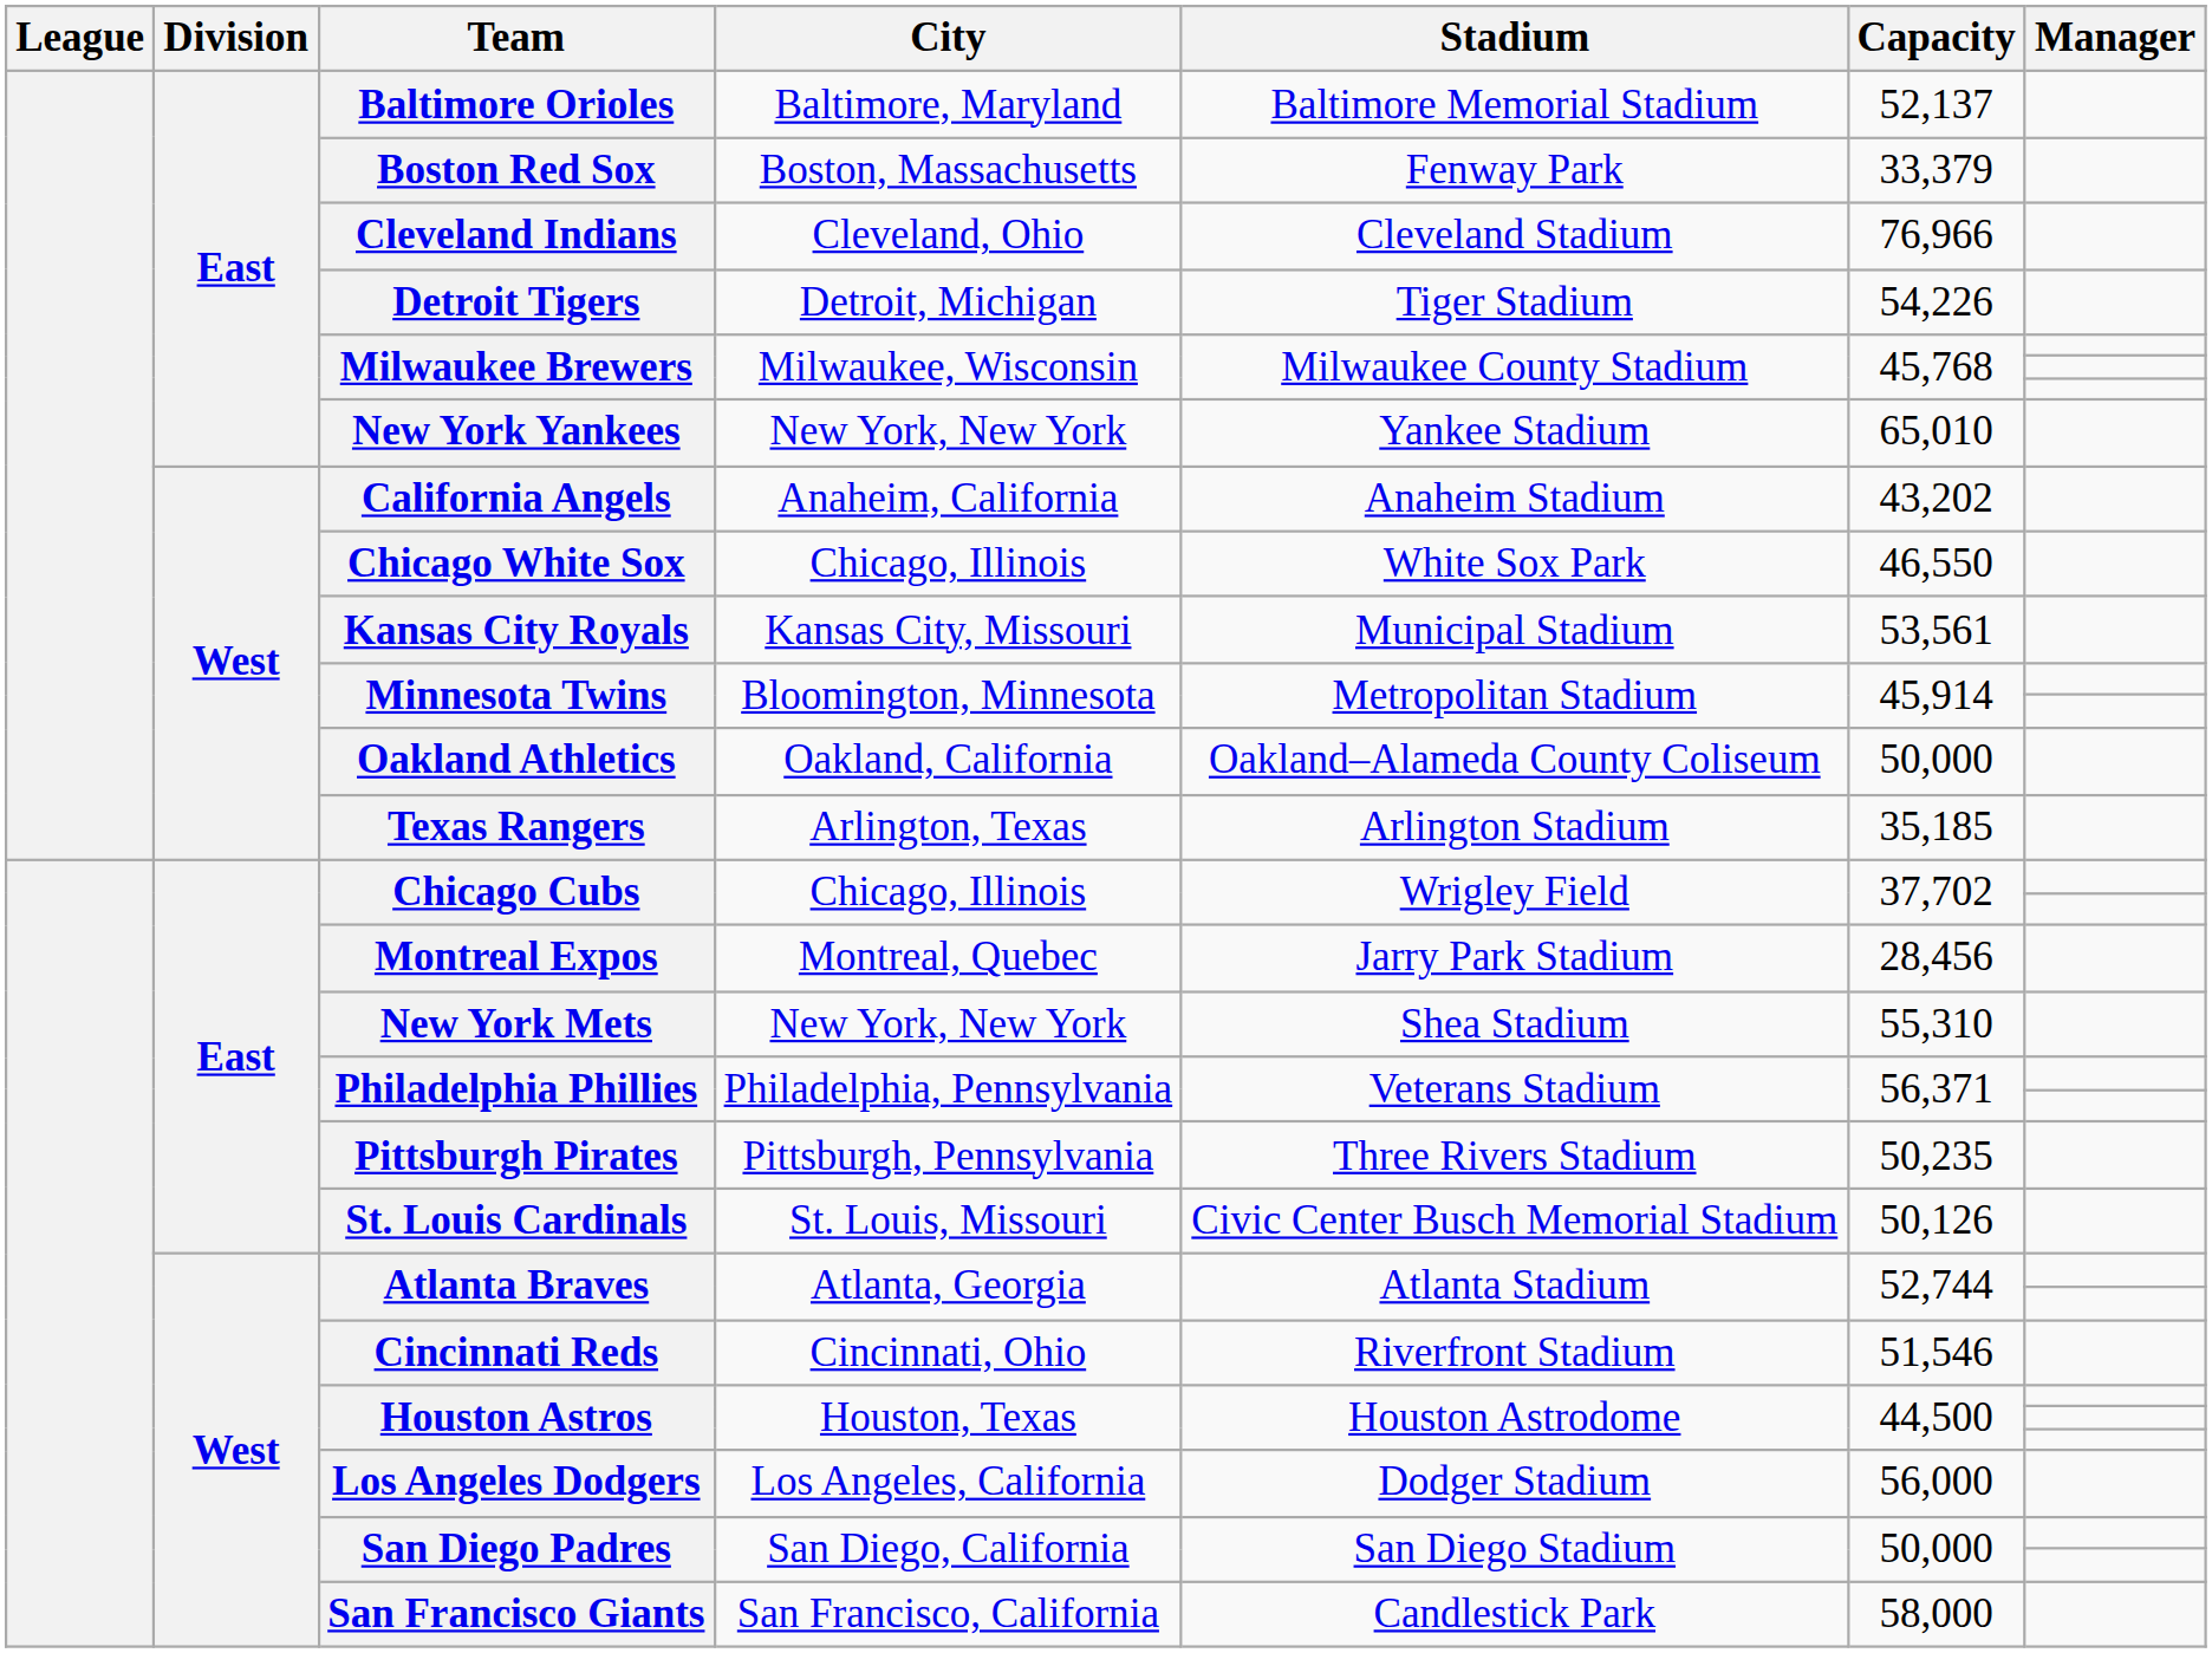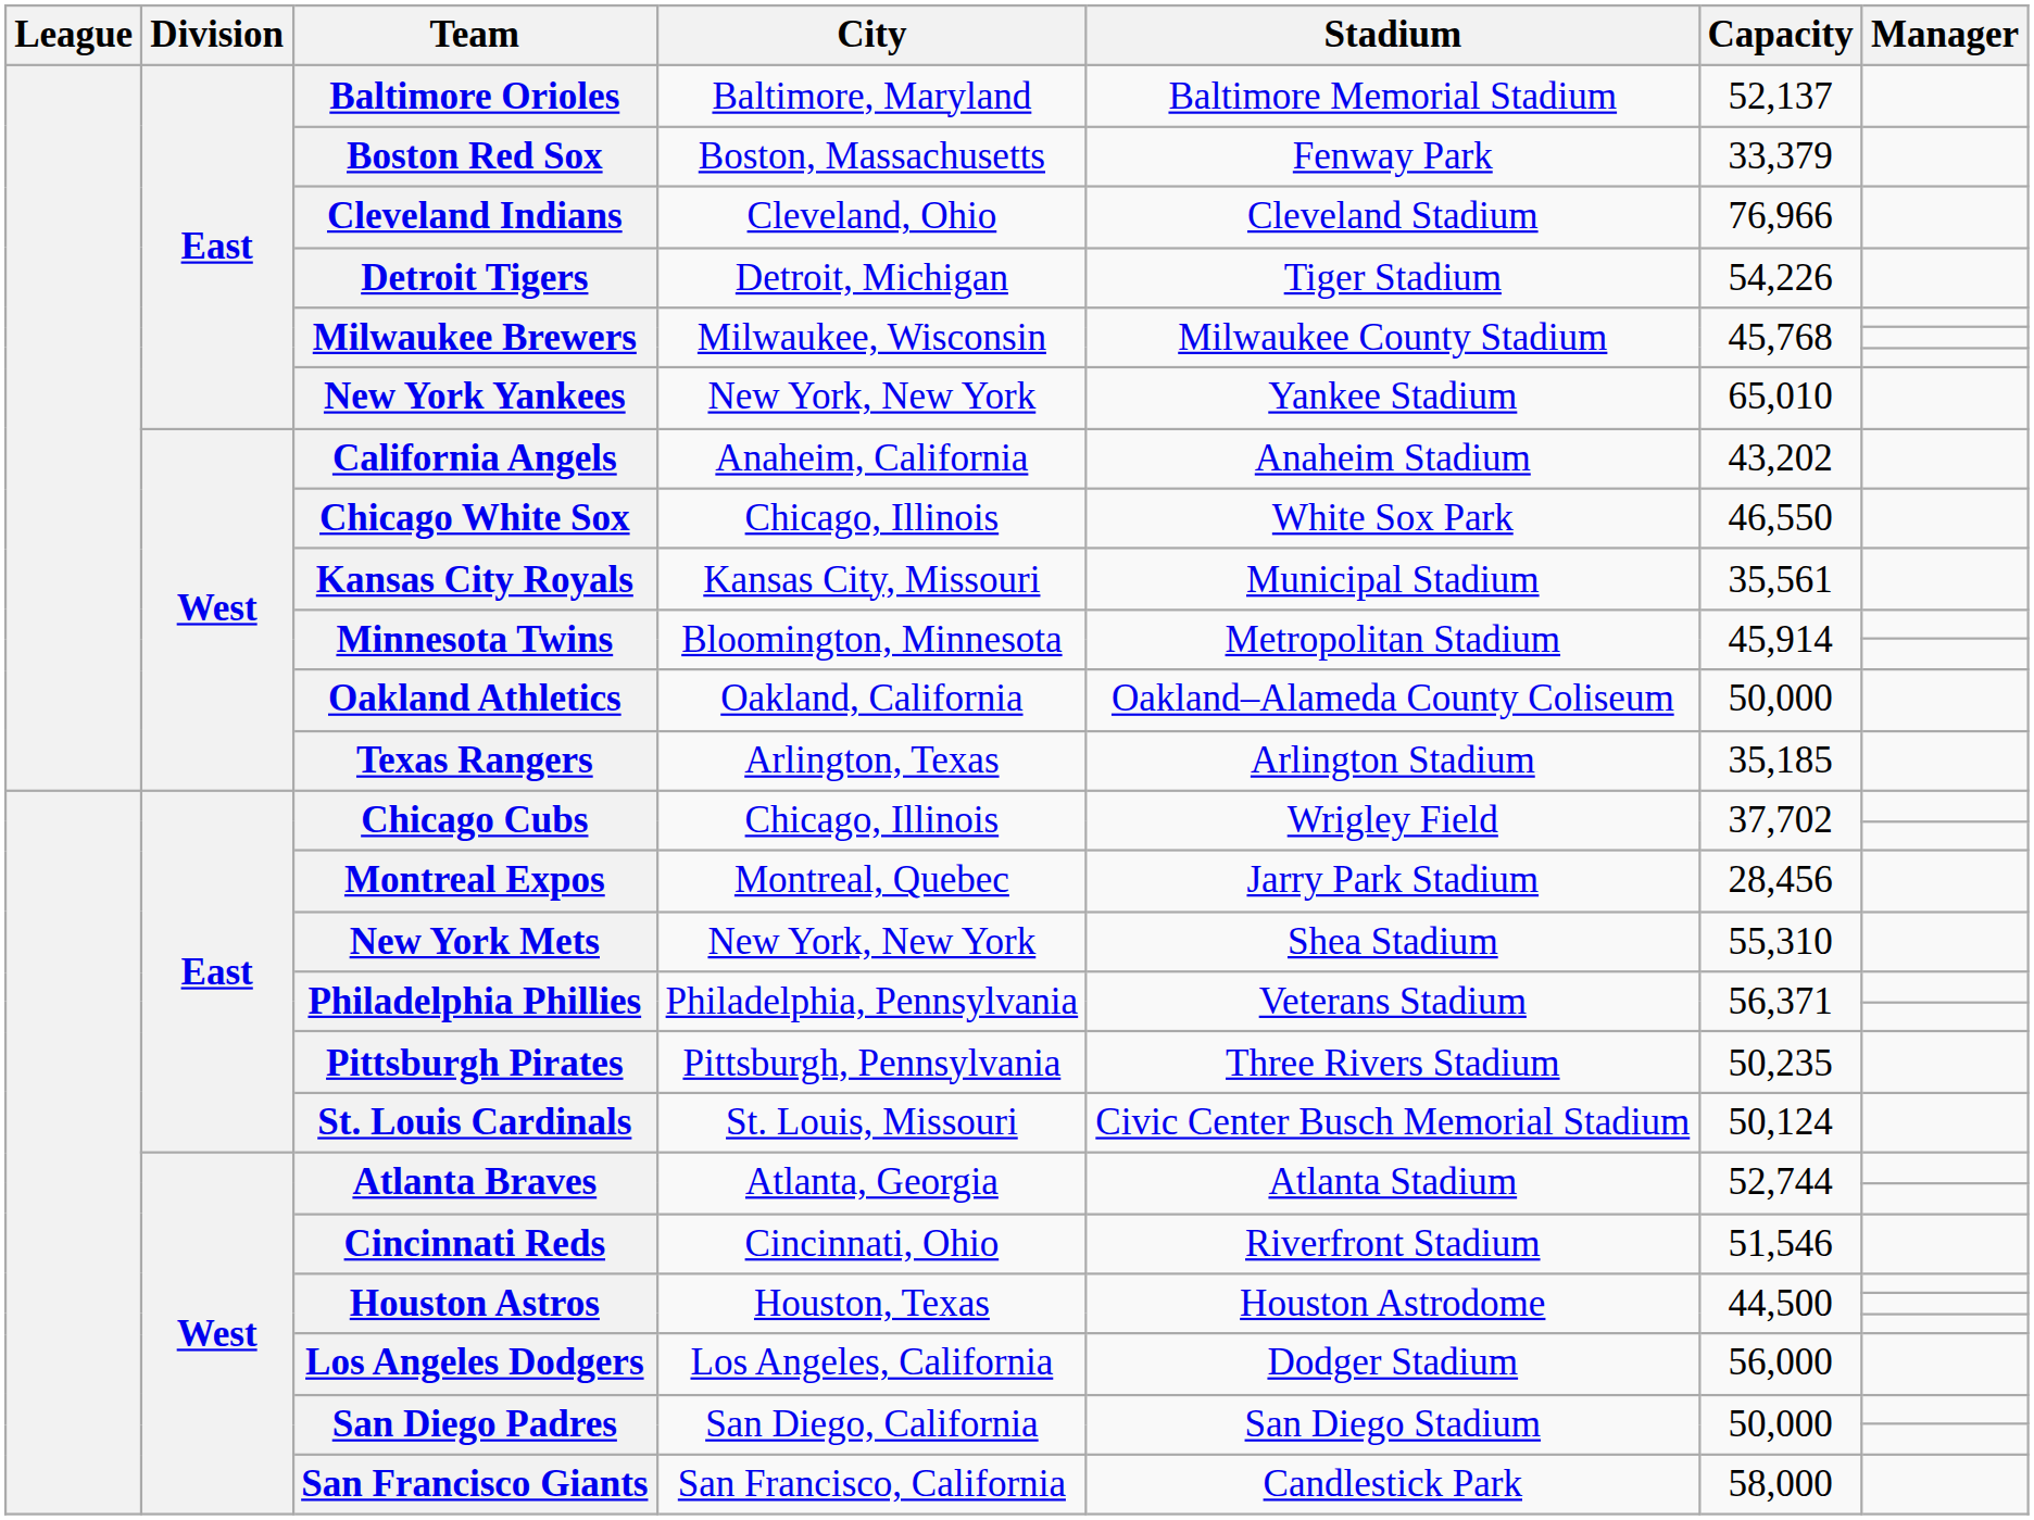 <table class="wikitable sortable plainrowheaders" style="text-align:center;">
 <tr>
 <th scope="col">League</th>
 <th scope="col">Division</th>
 <th scope="col">Team</th>
 <th scope="col">City</th>
 <th scope="col">Stadium</th>
 <th scope="col">Capacity</th>
 <th scope="col">Manager</th>
 </tr>
 <tr>
 <th rowspan="15"></th>
 <th rowspan="8"><a href='#'>East</a></th>
 <th scope="row"><a href='#'>Baltimore Orioles</a></th>
 <td><a href='#'>Baltimore, Maryland</a></td>
 <td><a href='#'>Baltimore Memorial Stadium</a></td>
 <td>52,137</td>
 <td></td>
 </tr>
 <tr>
 <th scope="row"><a href='#'>Boston Red Sox</a></th>
 <td><a href='#'>Boston, Massachusetts</a></td>
 <td><a href='#'>Fenway Park</a></td>
 <td>33,379</td>
 <td></td>
 </tr>
 <tr>
 <th scope="row"><a href='#'>Cleveland Indians</a></th>
 <td><a href='#'>Cleveland, Ohio</a></td>
 <td><a href='#'>Cleveland Stadium</a></td>
 <td>76,966</td>
 <td></td>
 </tr>
 <tr>
 <th scope="row"><a href='#'>Detroit Tigers</a></th>
 <td><a href='#'>Detroit, Michigan</a></td>
 <td><a href='#'>Tiger Stadium</a></td>
 <td>54,226</td>
 <td></td>
 </tr>
 <tr>
 <th rowspan="3" scope="row"><a href='#'>Milwaukee Brewers</a></th>
 <td rowspan="3"><a href='#'>Milwaukee, Wisconsin</a></td>
 <td rowspan="3"><a href='#'>Milwaukee County Stadium</a></td>
 <td rowspan="3">45,768</td>
 <td></td>
 </tr>
 <tr>
 <td></td>
 </tr>
 <tr>
 <td></td>
 </tr>
 <tr>
 <th scope="row"><a href='#'>New York Yankees</a></th>
 <td><a href='#'>New York, New York</a></td>
 <td><a href='#'>Yankee Stadium</a></td>
 <td>65,010</td>
 <td></td>
 </tr>
 <tr>
 <th rowspan="7"><a href='#'>West</a></th>
 <th scope="row"><a href='#'>California Angels</a></th>
 <td><a href='#'>Anaheim, California</a></td>
 <td><a href='#'>Anaheim Stadium</a></td>
 <td>43,202</td>
 <td></td>
 </tr>
 <tr>
 <th scope="row"><a href='#'>Chicago White Sox</a></th>
 <td><a href='#'>Chicago, Illinois</a></td>
 <td><a href='#'>White Sox Park</a></td>
 <td>46,550</td>
 <td></td>
 </tr>
 <tr>
 <th scope="row"><a href='#'>Kansas City Royals</a></th>
 <td><a href='#'>Kansas City, Missouri</a></td>
 <td><a href='#'>Municipal Stadium</a></td>
-<td>53,561</td>
+<td>35,561</td>
 <td></td>
 </tr>
 <tr>
 <th rowspan="2" scope="row"><a href='#'>Minnesota Twins</a></th>
 <td rowspan="2"><a href='#'>Bloomington, Minnesota</a></td>
 <td rowspan="2"><a href='#'>Metropolitan Stadium</a></td>
 <td rowspan="2">45,914</td>
 <td></td>
 </tr>
 <tr>
 <td></td>
 </tr>
 <tr>
 <th scope="row"><a href='#'>Oakland Athletics</a></th>
 <td><a href='#'>Oakland, California</a></td>
 <td><a href='#'>Oakland–Alameda County Coliseum</a></td>
 <td>50,000</td>
 <td></td>
 </tr>
 <tr>
 <th scope="row"><a href='#'>Texas Rangers</a></th>
 <td><a href='#'>Arlington, Texas</a></td>
 <td><a href='#'>Arlington Stadium</a></td>
 <td>35,185</td>
 <td></td>
 </tr>
 <tr>
 <th rowspan="18"></th>
 <th rowspan="8"><a href='#'>East</a></th>
 <th rowspan="2" scope="row"><a href='#'>Chicago Cubs</a></th>
 <td rowspan="2"><a href='#'>Chicago, Illinois</a></td>
 <td rowspan="2"><a href='#'>Wrigley Field</a></td>
 <td rowspan="2">37,702</td>
 <td></td>
 </tr>
 <tr>
 <td></td>
 </tr>
 <tr>
 <th scope="row"><a href='#'>Montreal Expos</a></th>
 <td><a href='#'>Montreal, Quebec</a></td>
 <td><a href='#'>Jarry Park Stadium</a></td>
 <td>28,456</td>
 <td></td>
 </tr>
 <tr>
 <th scope="row"><a href='#'>New York Mets</a></th>
 <td><a href='#'>New York, New York</a></td>
 <td><a href='#'>Shea Stadium</a></td>
 <td>55,310</td>
 <td></td>
 </tr>
 <tr>
 <th rowspan="2" scope="row"><a href='#'>Philadelphia Phillies</a></th>
 <td rowspan="2"><a href='#'>Philadelphia, Pennsylvania</a></td>
 <td rowspan="2"><a href='#'>Veterans Stadium</a></td>
 <td rowspan="2">56,371</td>
 <td></td>
 </tr>
 <tr>
 <td></td>
 </tr>
 <tr>
 <th scope="row"><a href='#'>Pittsburgh Pirates</a></th>
 <td><a href='#'>Pittsburgh, Pennsylvania</a></td>
 <td><a href='#'>Three Rivers Stadium</a></td>
 <td>50,235</td>
 <td></td>
 </tr>
 <tr>
 <th scope="row"><a href='#'>St. Louis Cardinals</a></th>
 <td><a href='#'>St. Louis, Missouri</a></td>
 <td><a href='#'>Civic Center Busch Memorial Stadium</a></td>
-<td>50,126</td>
+<td>50,124</td>
 <td></td>
 </tr>
 <tr>
 <th rowspan="10"><a href='#'>West</a></th>
 <th rowspan="2" scope="row"><a href='#'>Atlanta Braves</a></th>
 <td rowspan="2"><a href='#'>Atlanta, Georgia</a></td>
 <td rowspan="2"><a href='#'>Atlanta Stadium</a></td>
 <td rowspan="2">52,744</td>
 <td></td>
 </tr>
 <tr>
 <td></td>
 </tr>
 <tr>
 <th scope="row"><a href='#'>Cincinnati Reds</a></th>
 <td><a href='#'>Cincinnati, Ohio</a></td>
 <td><a href='#'>Riverfront Stadium</a></td>
 <td>51,546</td>
 <td></td>
 </tr>
 <tr>
 <th rowspan="3" scope="row"><a href='#'>Houston Astros</a></th>
 <td rowspan="3"><a href='#'>Houston, Texas</a></td>
 <td rowspan="3"><a href='#'>Houston Astrodome</a></td>
 <td rowspan="3">44,500</td>
 <td></td>
 </tr>
 <tr>
 <td></td>
 </tr>
 <tr>
 <td></td>
 </tr>
 <tr>
 <th scope="row"><a href='#'>Los Angeles Dodgers</a></th>
 <td><a href='#'>Los Angeles, California</a></td>
 <td><a href='#'>Dodger Stadium</a></td>
 <td>56,000</td>
 <td></td>
 </tr>
 <tr>
 <th rowspan="2" scope="row"><a href='#'>San Diego Padres</a></th>
 <td rowspan="2"><a href='#'>San Diego, California</a></td>
 <td rowspan="2"><a href='#'>San Diego Stadium</a></td>
 <td rowspan="2">50,000</td>
 <td></td>
 </tr>
 <tr>
 <td></td>
 </tr>
 <tr>
 <th scope="row"><a href='#'>San Francisco Giants</a></th>
 <td><a href='#'>San Francisco, California</a></td>
 <td><a href='#'>Candlestick Park</a></td>
 <td>58,000</td>
 <td></td>
 </tr>
 </table>
